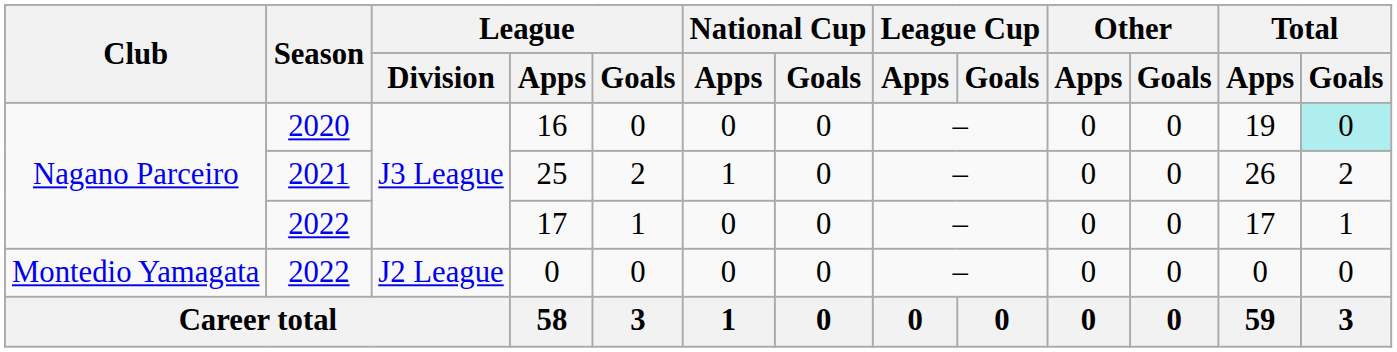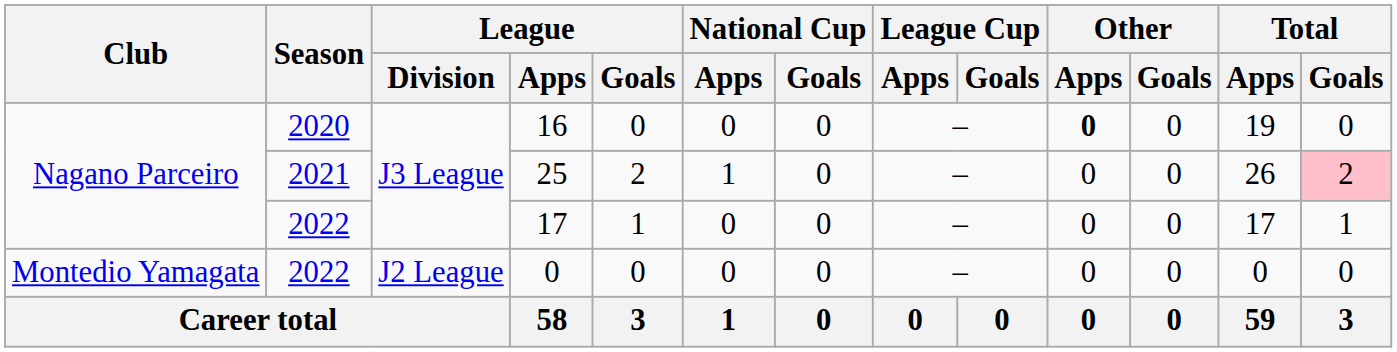 <table class="wikitable" style="text-align: center">
 <tr>
 <th rowspan="2">Club</th>
 <th rowspan="2">Season</th>
 <th colspan="3">League</th>
 <th colspan="2">National Cup</th>
 <th colspan="2">League Cup</th>
 <th colspan="2">Other</th>
 <th colspan="2">Total</th>
 </tr>
 <tr>
 <th>Division</th>
 <th>Apps</th>
 <th>Goals</th>
 <th>Apps</th>
 <th>Goals</th>
 <th>Apps</th>
 <th>Goals</th>
 <th>Apps</th>
 <th>Goals</th>
 <th>Apps</th>
 <th>Goals</th>
 </tr>
 <tr>
 <td rowspan="3"><a href='#'>Nagano Parceiro</a></td>
 <td><a href='#'>2020</a></td>
 <td rowspan="3"><a href='#'>J3 League</a></td>
 <td>16</td>
 <td>0</td>
 <td>0</td>
 <td>0</td>
 <td colspan="2">–</td>
-<td>0</td>
+<td><strong>0</strong></td>
 <td>0</td>
 <td>19</td>
-<td style="background: paleturquoise;">0</td>
+<td>0</td>
 </tr>
 <tr>
 <td><a href='#'>2021</a></td>
 <td>25</td>
 <td>2</td>
 <td>1</td>
 <td>0</td>
 <td colspan="2">–</td>
 <td>0</td>
 <td>0</td>
 <td>26</td>
-<td>2</td>
+<td style="background: pink;">2</td>
 </tr>
 <tr>
 <td><a href='#'>2022</a></td>
 <td>17</td>
 <td>1</td>
 <td>0</td>
 <td>0</td>
 <td colspan="2">–</td>
 <td>0</td>
 <td>0</td>
 <td>17</td>
 <td>1</td>
 </tr>
 <tr>
 <td><a href='#'>Montedio Yamagata</a></td>
 <td><a href='#'>2022</a></td>
 <td><a href='#'>J2 League</a></td>
 <td>0</td>
 <td>0</td>
 <td>0</td>
 <td>0</td>
 <td colspan="2">–</td>
 <td>0</td>
 <td>0</td>
 <td>0</td>
 <td>0</td>
 </tr>
 <tr>
 <th colspan="3">Career total</th>
 <th>58</th>
 <th>3</th>
 <th>1</th>
 <th>0</th>
 <th>0</th>
 <th>0</th>
 <th>0</th>
 <th>0</th>
 <th>59</th>
 <th>3</th>
 </tr>
 </table>
